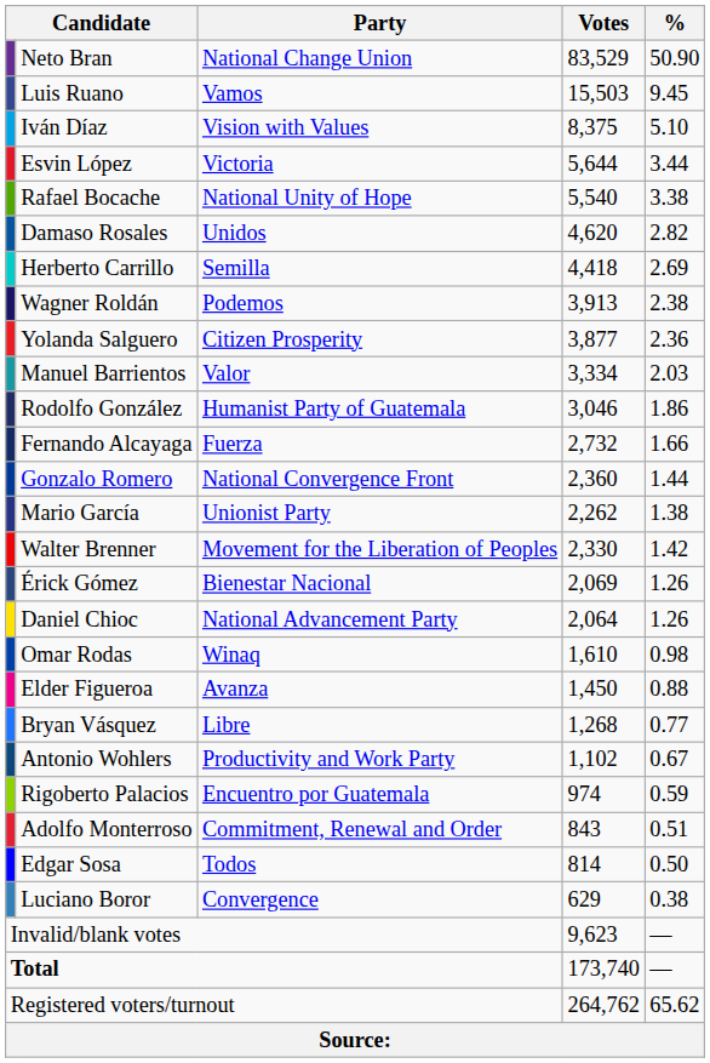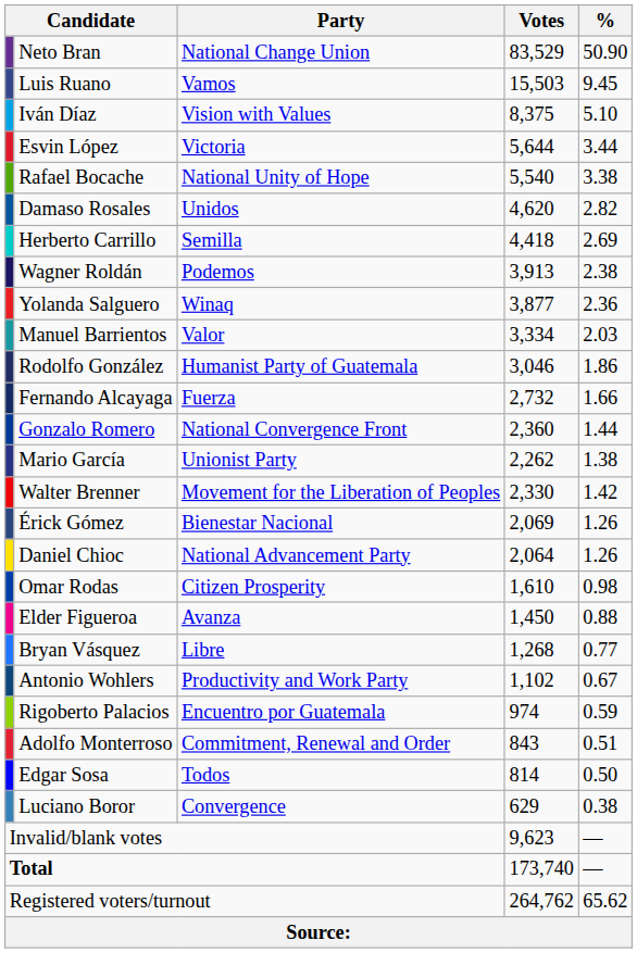 <table class="wikitable style=text-align:right">
 <tr>
 <th colspan=2>Candidate</th>
 <th>Party</th>
 <th>Votes</th>
 <th>%</th>
 </tr>
 <tr>
 <td bgcolor="#652D92"></td>
 <td align=left>Neto Bran</td>
 <td align=left><a href='#'>National Change Union</a></td>
 <td>83,529</td>
 <td>50.90</td>
 </tr>
 <tr>
 <td bgcolor="#34478E"></td>
 <td align=left>Luis Ruano</td>
 <td align=left><a href='#'>Vamos</a></td>
 <td>15,503</td>
 <td>9.45</td>
 </tr>
 <tr>
 <td bgcolor="#00A3E6"></td>
 <td align=left>Iván Díaz</td>
 <td align=left><a href='#'>Vision with Values</a></td>
 <td>8,375</td>
 <td>5.10</td>
 </tr>
 <tr>
 <td bgcolor="#E11829"></td>
 <td align=left>Esvin López</td>
 <td align=left><a href='#'>Victoria</a></td>
 <td>5,644</td>
 <td>3.44</td>
 </tr>
 <tr>
 <td bgcolor="#50A700"></td>
 <td align=left>Rafael Bocache</td>
 <td align=left><a href='#'>National Unity of Hope</a></td>
 <td>5,540</td>
 <td>3.38</td>
 </tr>
 <tr>
 <td bgcolor="#05549E"></td>
 <td align=left>Damaso Rosales</td>
 <td align=left><a href='#'>Unidos</a></td>
 <td>4,620</td>
 <td>2.82</td>
 </tr>
 <tr>
 <td bgcolor="#00CCC9"></td>
 <td align=left>Herberto Carrillo</td>
 <td align=left><a href='#'>Semilla</a></td>
 <td>4,418</td>
 <td>2.69</td>
 </tr>
 <tr>
 <td bgcolor="#1B1464"></td>
 <td align=left>Wagner Roldán</td>
 <td align=left><a href='#'>Podemos</a></td>
 <td>3,913</td>
 <td>2.38</td>
 </tr>
 <tr>
 <td bgcolor="#EB1C22"></td>
 <td align=left>Yolanda Salguero</td>
-<td align=left><a href='#'>Citizen Prosperity</a></td>
+<td align=left><a href='#'>Winaq</a></td>
 <td>3,877</td>
 <td>2.36</td>
 </tr>
 <tr>
 <td bgcolor="#1898A1"></td>
 <td align=left>Manuel Barrientos</td>
 <td align=left><a href='#'>Valor</a></td>
 <td>3,334</td>
 <td>2.03</td>
 </tr>
 <tr>
 <td bgcolor="#212C64"></td>
 <td align=left>Rodolfo González</td>
 <td align=left><a href='#'>Humanist Party of Guatemala</a></td>
 <td>3,046</td>
 <td>1.86</td>
 </tr>
 <tr>
 <td bgcolor="#142A62"></td>
 <td align=left>Fernando Alcayaga</td>
 <td align=left><a href='#'>Fuerza</a></td>
 <td>2,732</td>
 <td>1.66</td>
 </tr>
 <tr>
 <td bgcolor="#003895"></td>
 <td align=left><a href='#'>Gonzalo Romero</a></td>
 <td align=left><a href='#'>National Convergence Front</a></td>
 <td>2,360</td>
 <td>1.44</td>
 </tr>
 <tr>
 <td bgcolor="#273284"></td>
 <td align=left>Mario García</td>
 <td align=left><a href='#'>Unionist Party</a></td>
 <td>2,262</td>
 <td>1.38</td>
 </tr>
 <tr>
 <td bgcolor="#EC0408"></td>
 <td align=left>Walter Brenner</td>
 <td align=left><a href='#'>Movement for the Liberation of Peoples</a></td>
 <td>2,330</td>
 <td>1.42</td>
 </tr>
 <tr>
 <td bgcolor="#29467E"></td>
 <td align=left>Érick Gómez</td>
 <td align=left><a href='#'>Bienestar Nacional</a></td>
 <td>2,069</td>
 <td>1.26</td>
 </tr>
 <tr>
 <td bgcolor="#FFE200"></td>
 <td align=left>Daniel Chioc</td>
 <td align=left><a href='#'>National Advancement Party</a></td>
 <td>2,064</td>
 <td>1.26</td>
 </tr>
 <tr>
 <td bgcolor="#013EA8"></td>
 <td align=left>Omar Rodas</td>
-<td align=left><a href='#'>Winaq</a></td>
+<td align=left><a href='#'>Citizen Prosperity</a></td>
 <td>1,610</td>
 <td>0.98</td>
 </tr>
 <tr>
 <td bgcolor="#EF018D"></td>
 <td align=left>Elder Figueroa</td>
 <td align=left><a href='#'>Avanza</a></td>
 <td>1,450</td>
 <td>0.88</td>
 </tr>
 <tr>
 <td bgcolor="#1F75FE"></td>
 <td align=left>Bryan Vásquez</td>
 <td align=left><a href='#'>Libre</a></td>
 <td>1,268</td>
 <td>0.77</td>
 </tr>
 <tr>
 <td bgcolor="#0C477B"></td>
 <td align=left>Antonio Wohlers</td>
 <td align=left><a href='#'>Productivity and Work Party</a></td>
 <td>1,102</td>
 <td>0.67</td>
 </tr>
 <tr>
 <td bgcolor="#8ED201"></td>
 <td align=left>Rigoberto Palacios</td>
 <td align=left><a href='#'>Encuentro por Guatemala</a></td>
 <td>974</td>
 <td>0.59</td>
 </tr>
 <tr>
 <td bgcolor="#E32132"></td>
 <td align=left>Adolfo Monterroso</td>
 <td align=left><a href='#'>Commitment, Renewal and Order</a></td>
 <td>843</td>
 <td>0.51</td>
 </tr>
 <tr>
 <td bgcolor="#0000FE"></td>
 <td align=left>Edgar Sosa</td>
 <td align=left><a href='#'>Todos</a></td>
 <td>814</td>
 <td>0.50</td>
 </tr>
 <tr>
 <td bgcolor="#3481B9"></td>
 <td align=left>Luciano Boror</td>
 <td align=left><a href='#'>Convergence</a></td>
 <td>629</td>
 <td>0.38</td>
 </tr>
 <tr>
 <td colspan="3" style="text-align:left;">Invalid/blank votes</td>
 <td>9,623</td>
 <td>—</td>
 </tr>
 <tr>
 <td colspan="3" style="text-align:left;"><strong>Total</strong></td>
 <td>173,740</td>
 <td>—</td>
 </tr>
 <tr>
 <td colspan="3" style="text-align:left;">Registered voters/turnout</td>
 <td>264,762</td>
 <td>65.62</td>
 </tr>
 <tr>
 <th colspan="9">Source:  </th>
 </tr>
 </table>
